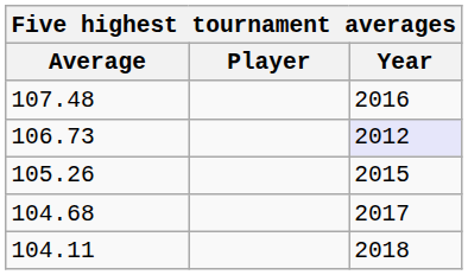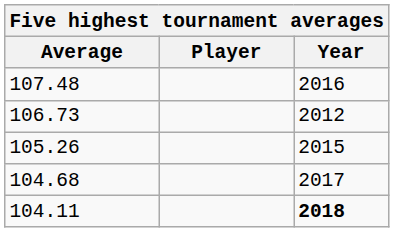 <table class="wikitable sortable">
 <tr>
 <th colspan=5>Five highest tournament averages</th>
 </tr>
 <tr>
 <th>Average</th>
 <th>Player</th>
 <th>Year</th>
 </tr>
 <tr>
 <td>107.48</td>
 <td></td>
 <td>2016</td>
 </tr>
 <tr>
 <td>106.73</td>
 <td></td>
-<td style="background: lavender;">2012</td>
+<td>2012</td>
 </tr>
 <tr>
 <td>105.26</td>
 <td></td>
 <td>2015</td>
 </tr>
 <tr>
 <td>104.68</td>
 <td></td>
 <td>2017</td>
 </tr>
 <tr>
 <td>104.11</td>
 <td></td>
-<td>2018</td>
+<td><strong>2018</strong></td>
 </tr>
 </table>
